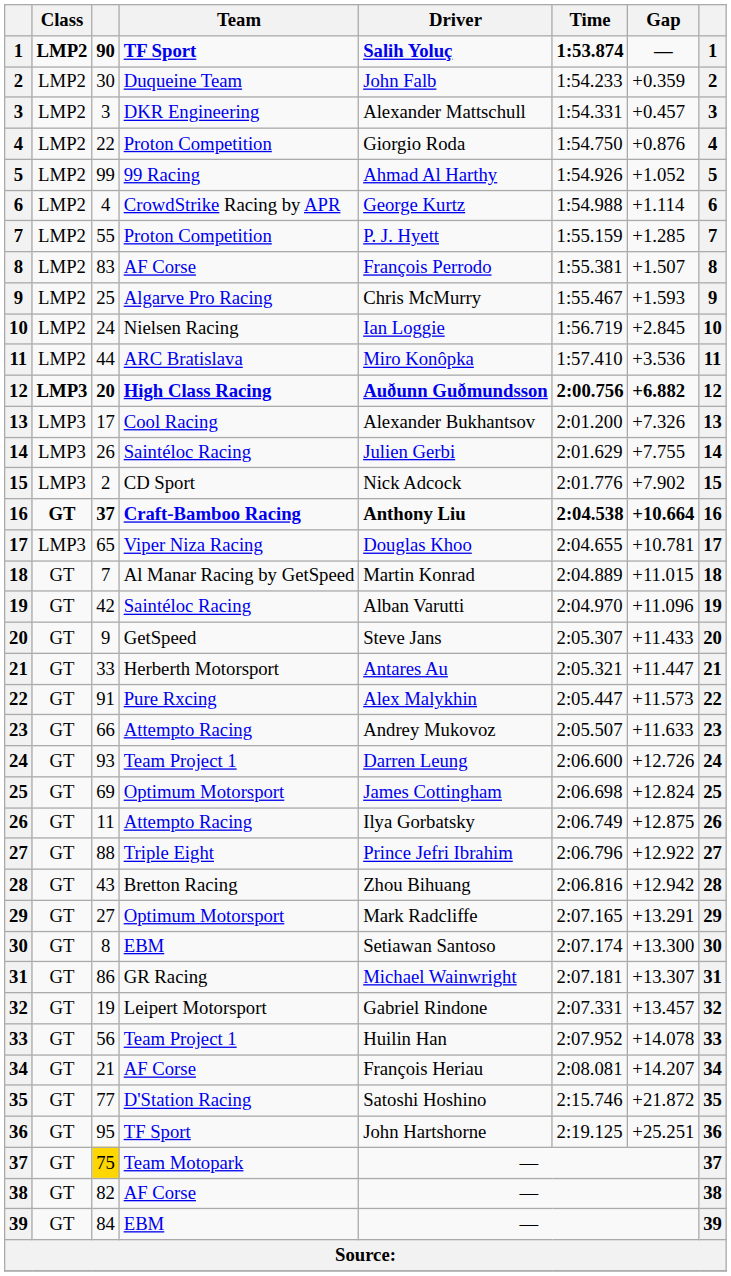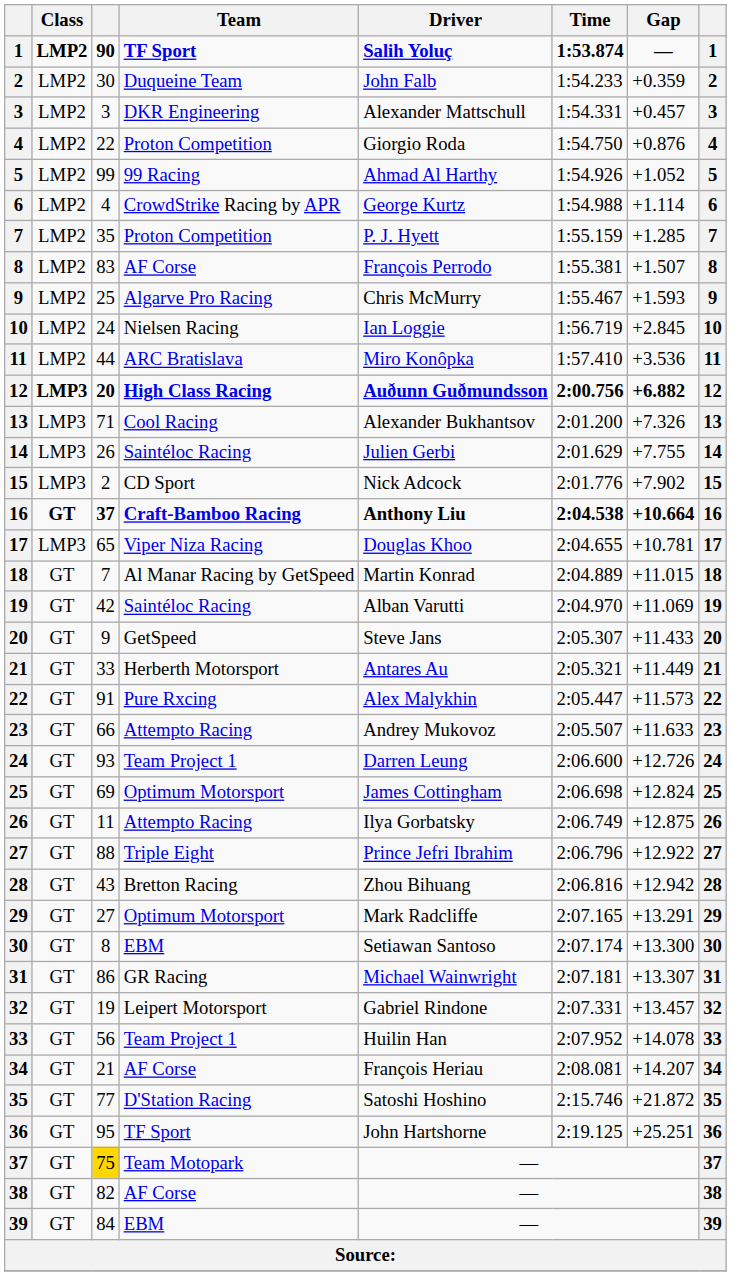 <table class="wikitable sortable" style="font-size: 90%;">
 <tr>
 <th></th>
 <th class="unsortable">Class</th>
 <th class="unsortable"></th>
 <th class="unsortable">Team</th>
 <th class="unsortable">Driver</th>
 <th class="unsortable">Time</th>
 <th class="unsortable">Gap</th>
 <th></th>
 </tr>
 <tr style="font-weight: bold;">
 <th>1</th>
 <td align="center">LMP2</td>
 <td align="center">90</td>
 <td> <a href='#'>TF Sport</a></td>
 <td> <a href='#'>Salih Yoluç</a></td>
 <td>1:53.874</td>
 <td align="center">—</td>
 <th>1</th>
 </tr>
 <tr>
 <th>2</th>
 <td align="center">LMP2</td>
 <td align="center">30</td>
 <td> <a href='#'>Duqueine Team</a></td>
 <td> <a href='#'>John Falb</a></td>
 <td>1:54.233</td>
 <td>+0.359</td>
 <th>2</th>
 </tr>
 <tr>
 <th>3</th>
 <td align="center">LMP2</td>
 <td align="center">3</td>
 <td> <a href='#'>DKR Engineering</a></td>
 <td> Alexander Mattschull</td>
 <td>1:54.331</td>
 <td>+0.457</td>
 <th>3</th>
 </tr>
 <tr>
 <th>4</th>
 <td align="center">LMP2</td>
 <td align="center">22</td>
 <td> <a href='#'>Proton Competition</a></td>
 <td> Giorgio Roda</td>
 <td>1:54.750</td>
 <td>+0.876</td>
 <th>4</th>
 </tr>
 <tr>
 <th>5</th>
 <td align="center">LMP2</td>
 <td align="center">99</td>
 <td> <a href='#'>99 Racing</a></td>
 <td> <a href='#'>Ahmad Al Harthy</a></td>
 <td>1:54.926</td>
 <td>+1.052</td>
 <th>5</th>
 </tr>
 <tr>
 <th>6</th>
 <td align="center">LMP2</td>
 <td align="center">4</td>
 <td> <a href='#'>CrowdStrike</a> Racing by <a href='#'>APR</a></td>
 <td> <a href='#'>George Kurtz</a></td>
 <td>1:54.988</td>
 <td>+1.114</td>
 <th>6</th>
 </tr>
 <tr>
 <th>7</th>
 <td align="center">LMP2</td>
-<td align="center">55</td>
+<td align="center">35</td>
 <td> <a href='#'>Proton Competition</a></td>
 <td> <a href='#'>P. J. Hyett</a></td>
 <td>1:55.159</td>
 <td>+1.285</td>
 <th>7</th>
 </tr>
 <tr>
 <th>8</th>
 <td align="center">LMP2</td>
 <td align="center">83</td>
 <td> <a href='#'>AF Corse</a></td>
 <td> <a href='#'>François Perrodo</a></td>
 <td>1:55.381</td>
 <td>+1.507</td>
 <th>8</th>
 </tr>
 <tr>
 <th>9</th>
 <td align="center">LMP2</td>
 <td align="center">25</td>
 <td> <a href='#'>Algarve Pro Racing</a></td>
 <td> Chris McMurry</td>
 <td>1:55.467</td>
 <td>+1.593</td>
 <th>9</th>
 </tr>
 <tr>
 <th>10</th>
 <td align="center">LMP2</td>
 <td align="center">24</td>
 <td> Nielsen Racing</td>
 <td> <a href='#'>Ian Loggie</a></td>
 <td>1:56.719</td>
 <td>+2.845</td>
 <th>10</th>
 </tr>
 <tr>
 <th>11</th>
 <td align="center">LMP2</td>
 <td align="center">44</td>
 <td> <a href='#'>ARC Bratislava</a></td>
 <td> <a href='#'>Miro Konôpka</a></td>
 <td>1:57.410</td>
 <td>+3.536</td>
 <th>11</th>
 </tr>
 <tr style="font-weight: bold;">
 <th>12</th>
 <td align="center">LMP3</td>
 <td align="center">20</td>
 <td> <a href='#'>High Class Racing</a></td>
 <td> <a href='#'>Auðunn Guðmundsson</a></td>
 <td>2:00.756</td>
 <td>+6.882</td>
 <th>12</th>
 </tr>
 <tr>
 <th>13</th>
 <td align="center">LMP3</td>
-<td align="center">17</td>
+<td align="center">71</td>
 <td> <a href='#'>Cool Racing</a></td>
 <td> Alexander Bukhantsov</td>
 <td>2:01.200</td>
 <td>+7.326</td>
 <th>13</th>
 </tr>
 <tr>
 <th>14</th>
 <td align="center">LMP3</td>
 <td align="center">26</td>
 <td> <a href='#'>Saintéloc Racing</a></td>
 <td> <a href='#'>Julien Gerbi</a></td>
 <td>2:01.629</td>
 <td>+7.755</td>
 <th>14</th>
 </tr>
 <tr>
 <th>15</th>
 <td align="center">LMP3</td>
 <td align="center">2</td>
 <td> CD Sport</td>
 <td> Nick Adcock</td>
 <td>2:01.776</td>
 <td>+7.902</td>
 <th>15</th>
 </tr>
 <tr style="font-weight: bold;">
 <th>16</th>
 <td align="center">GT</td>
 <td align="center">37</td>
 <td> <a href='#'>Craft-Bamboo Racing</a></td>
 <td> Anthony Liu</td>
 <td>2:04.538</td>
 <td>+10.664</td>
 <th>16</th>
 </tr>
 <tr>
 <th>17</th>
 <td align="center">LMP3</td>
 <td align="center">65</td>
 <td> <a href='#'>Viper Niza Racing</a></td>
 <td> <a href='#'>Douglas Khoo</a></td>
 <td>2:04.655</td>
 <td>+10.781</td>
 <th>17</th>
 </tr>
 <tr>
 <th>18</th>
 <td align="center">GT</td>
 <td align="center">7</td>
 <td> Al Manar Racing by GetSpeed</td>
 <td> Martin Konrad</td>
 <td>2:04.889</td>
 <td>+11.015</td>
 <th>18</th>
 </tr>
 <tr>
 <th>19</th>
 <td align="center">GT</td>
 <td align="center">42</td>
 <td> <a href='#'>Saintéloc Racing</a></td>
 <td> Alban Varutti</td>
 <td>2:04.970</td>
-<td>+11.096</td>
+<td>+11.069</td>
 <th>19</th>
 </tr>
 <tr>
 <th>20</th>
 <td align="center">GT</td>
 <td align="center">9</td>
 <td> GetSpeed</td>
 <td> Steve Jans</td>
 <td>2:05.307</td>
 <td>+11.433</td>
 <th>20</th>
 </tr>
 <tr>
 <th>21</th>
 <td align="center">GT</td>
 <td align="center">33</td>
 <td> Herberth Motorsport</td>
 <td> <a href='#'>Antares Au</a></td>
 <td>2:05.321</td>
-<td>+11.447</td>
+<td>+11.449</td>
 <th>21</th>
 </tr>
 <tr>
 <th>22</th>
 <td align="center">GT</td>
 <td align="center">91</td>
 <td> <a href='#'>Pure Rxcing</a></td>
 <td> <a href='#'>Alex Malykhin</a></td>
 <td>2:05.447</td>
 <td>+11.573</td>
 <th>22</th>
 </tr>
 <tr>
 <th>23</th>
 <td align="center">GT</td>
 <td align="center">66</td>
 <td> <a href='#'>Attempto Racing</a></td>
 <td> Andrey Mukovoz</td>
 <td>2:05.507</td>
 <td>+11.633</td>
 <th>23</th>
 </tr>
 <tr>
 <th>24</th>
 <td align="center">GT</td>
 <td align="center">93</td>
 <td> <a href='#'>Team Project 1</a></td>
 <td> <a href='#'>Darren Leung</a></td>
 <td>2:06.600</td>
 <td>+12.726</td>
 <th>24</th>
 </tr>
 <tr>
 <th>25</th>
 <td align="center">GT</td>
 <td align="center">69</td>
 <td> <a href='#'>Optimum Motorsport</a></td>
 <td> <a href='#'>James Cottingham</a></td>
 <td>2:06.698</td>
 <td>+12.824</td>
 <th>25</th>
 </tr>
 <tr>
 <th>26</th>
 <td align="center">GT</td>
 <td align="center">11</td>
 <td> <a href='#'>Attempto Racing</a></td>
 <td> Ilya Gorbatsky</td>
 <td>2:06.749</td>
 <td>+12.875</td>
 <th>26</th>
 </tr>
 <tr>
 <th>27</th>
 <td align="center">GT</td>
 <td align="center">88</td>
 <td> <a href='#'>Triple Eight</a></td>
 <td> <a href='#'>Prince Jefri Ibrahim</a></td>
 <td>2:06.796</td>
 <td>+12.922</td>
 <th>27</th>
 </tr>
 <tr>
 <th>28</th>
 <td align="center">GT</td>
 <td align="center">43</td>
 <td> Bretton Racing</td>
 <td> Zhou Bihuang</td>
 <td>2:06.816</td>
 <td>+12.942</td>
 <th>28</th>
 </tr>
 <tr>
 <th>29</th>
 <td align="center">GT</td>
 <td align="center">27</td>
 <td> <a href='#'>Optimum Motorsport</a></td>
 <td> Mark Radcliffe</td>
 <td>2:07.165</td>
 <td>+13.291</td>
 <th>29</th>
 </tr>
 <tr>
 <th>30</th>
 <td align="center">GT</td>
 <td align="center">8</td>
 <td> <a href='#'>EBM</a></td>
 <td> Setiawan Santoso</td>
 <td>2:07.174</td>
 <td>+13.300</td>
 <th>30</th>
 </tr>
 <tr>
 <th>31</th>
 <td align="center">GT</td>
 <td align="center">86</td>
 <td> GR Racing</td>
 <td> <a href='#'>Michael Wainwright</a></td>
 <td>2:07.181</td>
 <td>+13.307</td>
 <th>31</th>
 </tr>
 <tr>
 <th>32</th>
 <td align="center">GT</td>
 <td align="center">19</td>
 <td> Leipert Motorsport</td>
 <td> Gabriel Rindone</td>
 <td>2:07.331</td>
 <td>+13.457</td>
 <th>32</th>
 </tr>
 <tr>
 <th>33</th>
 <td align="center">GT</td>
 <td align="center">56</td>
 <td> <a href='#'>Team Project 1</a></td>
 <td> Huilin Han</td>
 <td>2:07.952</td>
 <td>+14.078</td>
 <th>33</th>
 </tr>
 <tr>
 <th>34</th>
 <td align="center">GT</td>
 <td align="center">21</td>
 <td> <a href='#'>AF Corse</a></td>
 <td> François Heriau</td>
 <td>2:08.081</td>
 <td>+14.207</td>
 <th>34</th>
 </tr>
 <tr>
 <th>35</th>
 <td align="center">GT</td>
 <td align="center">77</td>
 <td> <a href='#'>D'Station Racing</a></td>
 <td> Satoshi Hoshino</td>
 <td>2:15.746</td>
 <td>+21.872</td>
 <th>35</th>
 </tr>
 <tr>
 <th>36</th>
 <td align="center">GT</td>
 <td align="center">95</td>
 <td> <a href='#'>TF Sport</a></td>
 <td> John Hartshorne</td>
 <td>2:19.125</td>
 <td>+25.251</td>
 <th>36</th>
 </tr>
 <tr>
 <th>37</th>
 <td align="center">GT</td>
 <td align="center" style="background: gold;">75</td>
 <td> <a href='#'>Team Motopark</a></td>
 <td colspan="3" align="center">—</td>
 <th>37</th>
 </tr>
 <tr>
 <th>38</th>
 <td align="center">GT</td>
 <td align="center">82</td>
 <td> <a href='#'>AF Corse</a></td>
 <td colspan="3" align="center">—</td>
 <th>38</th>
 </tr>
 <tr>
 <th>39</th>
 <td align="center">GT</td>
 <td align="center">84</td>
 <td> <a href='#'>EBM</a></td>
 <td colspan="3" align="center">—</td>
 <th>39</th>
 </tr>
 <tr>
 <th colspan="8">Source:</th>
 </tr>
 <tr>
 </tr>
 </table>
